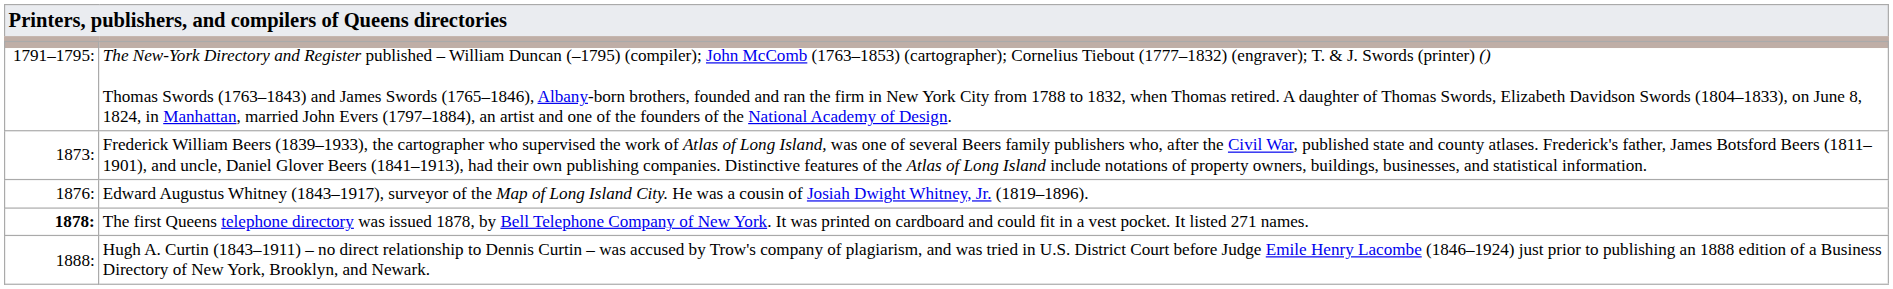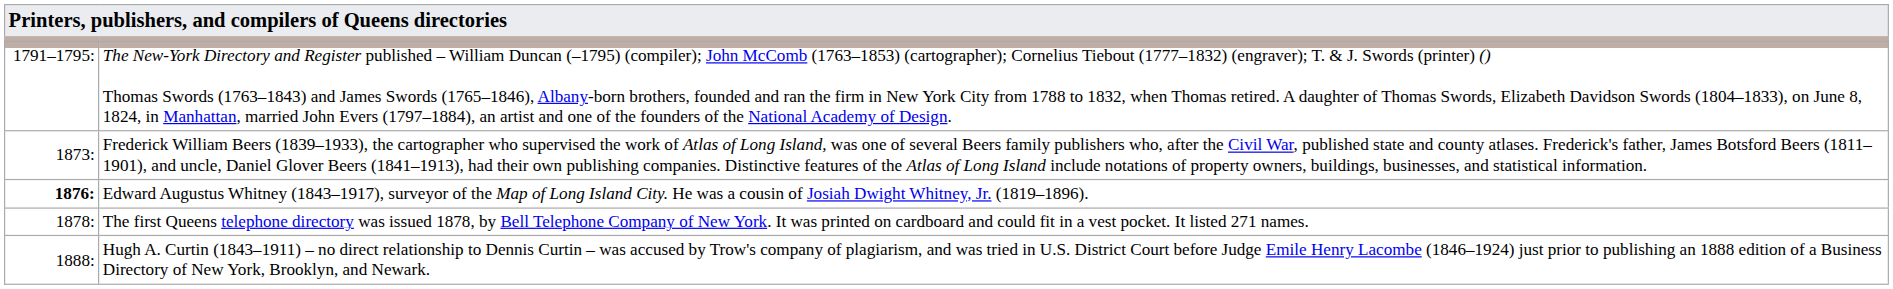 <table class="wikitable sortable collapsible static-row-numbers" cellpadding="1" style="color: black; background-color: #FFFFFF; font-size: 90%; width:100%;">
 <tr class="static-row-header" style="text-align:center;vertical-align:bottom;">
 <th style="text-align:left; background:#eaecf0; border-style: solid; border-width: 0px 0px 0px 0px" colspan=2><big><strong>Printers, publishers, and compilers of Queens directories</strong></big></th>
 </tr>
 <tr style="border-style: solid; border-color: #bfaea6; border-width: 10px 0px 0px 0px;">
 </tr>
 <tr>
 </tr>
 <tr valign="top">
 <td width="5%" style="text-align:right">1791–1795:</td>
 <td width="95%" style="text-align:left"><em>The New-York Directory and Register</em> published – William Duncan (–1795) (compiler); <a href='#'>John McComb</a> (1763–1853) (cartographer); Cornelius Tiebout (1777–1832) (engraver); T. & J. Swords (printer) <em>()</em><br><br>Thomas Swords (1763–1843) and James Swords (1765–1846), <a href='#'>Albany</a>-born brothers, founded and ran the firm in New York City from 1788 to 1832, when Thomas retired. A daughter of Thomas Swords, Elizabeth Davidson Swords (1804–1833), on June 8, 1824, in <a href='#'>Manhattan</a>, married John Evers (1797–1884), an artist and one of the founders of the <a href='#'>National Academy of Design</a>.</td>
 </tr>
 <tr>
 <td width="5%" style="text-align:right">1873:</td>
 <td width="95%" style="text-align:left; border: 1px darkgray; border-style: none none solid none; background-color: white;">Frederick William Beers (1839–1933), the cartographer who supervised the work of <em>Atlas of Long Island,</em> was one of several Beers family publishers who, after the <a href='#'>Civil War</a>, published state and county atlases. Frederick's father, James Botsford Beers (1811–1901), and uncle, Daniel Glover Beers (1841–1913), had their own publishing companies. Distinctive features of the <em>Atlas of Long Island</em> include notations of property owners, buildings, businesses, and statistical information.</td>
 </tr>
 <tr>
-<td width="5%" style="text-align:right">1876:</td>
+<td width="5%" style="text-align:right"><strong>1876:</strong></td>
 <td width="95%" style="text-align:left; border: 1px darkgray; border-style: none none solid none;">Edward Augustus Whitney (1843–1917), surveyor of the <em>Map of Long Island City.</em> He was a cousin of <a href='#'>Josiah Dwight Whitney, Jr.</a> (1819–1896).</td>
 </tr>
 <tr>
-<td width="5%" style="text-align:right"><strong>1878:</strong></td>
+<td width="5%" style="text-align:right">1878:</td>
 <td width="95%" style="text-align:left; border: 1px darkgray; border-style: none none solid none;">The first Queens <a href='#'>telephone directory</a> was issued 1878, by <a href='#'>Bell Telephone Company of New York</a>. It was printed on cardboard and could fit in a vest pocket. It listed 271 names.</td>
 </tr>
 <tr>
 <td width="5%" style="text-align:right">1888:</td>
 <td width="95%" style="text-align:left; border: 1px darkgray; border-style: none none solid none;">Hugh A. Curtin (1843–1911) – no direct relationship to Dennis Curtin – was accused by Trow's company of plagiarism, and was tried in U.S. District Court before Judge <a href='#'>Emile Henry Lacombe</a> (1846–1924) just prior to publishing an 1888 edition of a Business Directory of New York, Brooklyn, and Newark.</td>
 </tr>
 </table>
